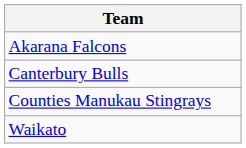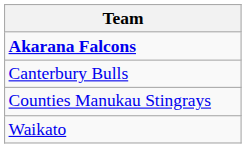 <table class="wikitable" style="text-align:left;">
 <tr>
 <th width=210>Team</th>
 </tr>
 <tr style="background:">
-<td style="text-align:left;"><a href='#'>Akarana Falcons</a></td>
+<td style="text-align:left;"><strong><a href='#'>Akarana Falcons</a></strong></td>
 </tr>
 <tr>
 <td style="text-align:left;"><a href='#'>Canterbury Bulls</a></td>
 </tr>
 <tr style="background:">
 <td style="text-align:left;"><a href='#'>Counties Manukau Stingrays</a></td>
 </tr>
 <tr style="background:">
 <td style="text-align:left;"><a href='#'>Waikato</a></td>
 </tr>
 </table>
